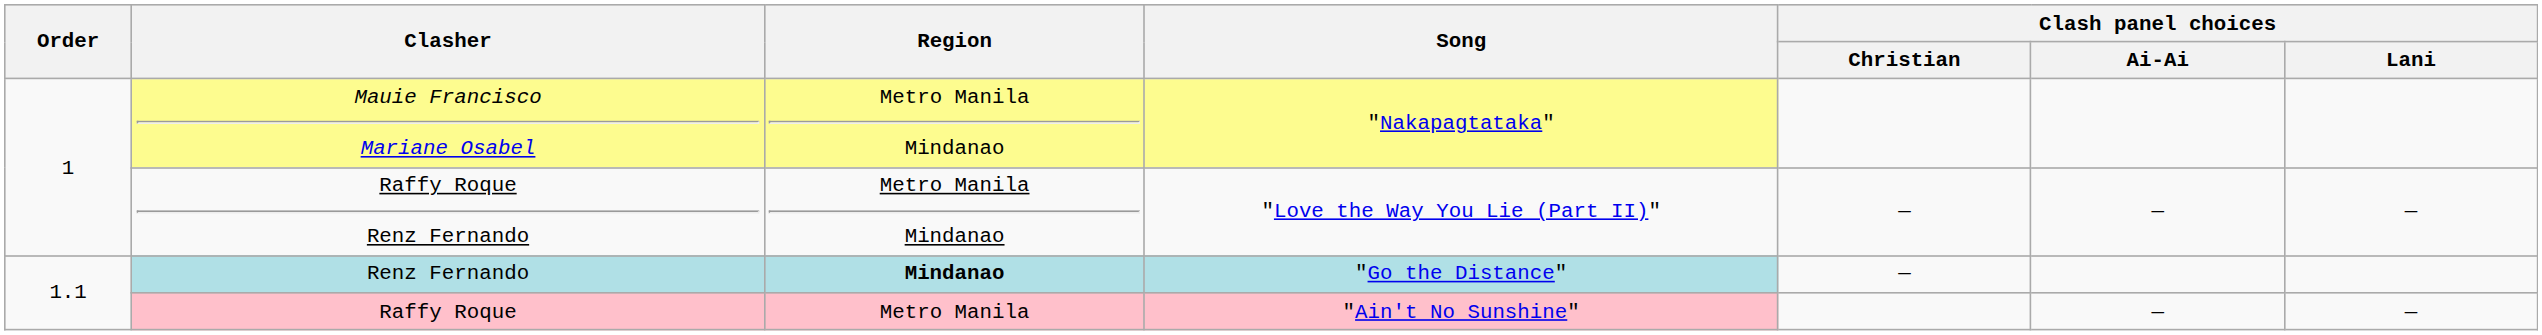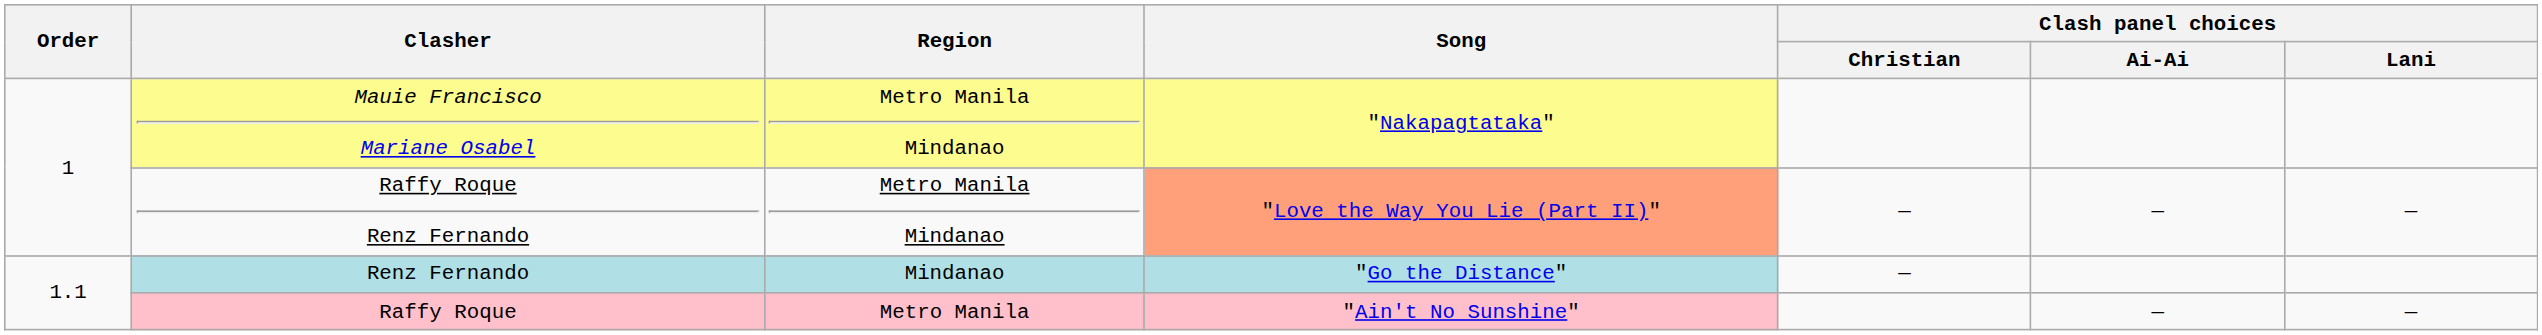 <table class="wikitable" style="text-align:center; line-height:17px; width:100%;">
 <tr>
 <th rowspan="2" width="5%">Order</th>
 <th rowspan="2" width="25%">Clasher</th>
 <th rowspan="2">Region</th>
 <th rowspan="2" width="25%">Song</th>
 <th colspan="3" width="30%">Clash panel choices</th>
 </tr>
 <tr>
 <th width="10%">Christian</th>
 <th width="10%">Ai-Ai</th>
 <th width="10%">Lani</th>
 </tr>
 <tr>
 <td rowspan="2">1</td>
 <td style="background:#fdfc8f;"><em>Mauie Francisco</em><hr><em><a href='#'>Mariane Osabel</a></em></td>
 <td style="background:#fdfc8f;">Metro Manila<hr>Mindanao</td>
 <td style="background:#fdfc8f;">"<a href='#'>Nakapagtataka</a>"</td>
 <td><strong></strong></td>
 <td><strong></strong></td>
 <td><strong></strong></td>
 </tr>
 <tr>
 <td><u>Raffy Roque</u><hr><u>Renz Fernando</u></td>
 <td><u>Metro Manila</u><hr><u>Mindanao</u></td>
-<td>"<a href='#'>Love the Way You Lie (Part II)</a>"</td>
+<td style="background: lightsalmon;">"<a href='#'>Love the Way You Lie (Part II)</a>"</td>
 <td>—</td>
 <td>—</td>
 <td>—</td>
 </tr>
 <tr>
 <td rowspan="2">1.1</td>
 <td style="background:#b0e0e6;">Renz Fernando</td>
-<td style="background:#b0e0e6;"><strong>Mindanao</strong></td>
+<td style="background:#b0e0e6;">Mindanao</td>
 <td style="background:#b0e0e6;">"<a href='#'>Go the Distance</a>"</td>
 <td>—</td>
 <td><strong></strong></td>
 <td><strong></strong></td>
 </tr>
 <tr>
 <td style="background:pink;">Raffy Roque</td>
 <td style="background:pink;">Metro Manila</td>
 <td style="background:pink;">"<a href='#'>Ain't No Sunshine</a>"</td>
 <td><strong></strong></td>
 <td>—</td>
 <td>—</td>
 </tr>
 </table>
